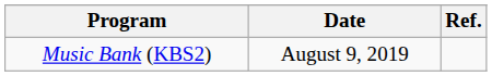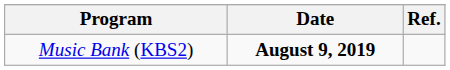 <table class="wikitable" style="text-align:center;">
 <tr>
 </tr>
 <tr>
 <th width="180">Program</th>
 <th width="140">Date</th>
 <th>Ref.</th>
 </tr>
 <tr>
 <td><em><a href='#'>Music Bank</a></em> (<a href='#'>KBS2</a>)</td>
-<td>August 9, 2019</td>
+<td><strong>August 9, 2019</strong></td>
 <td></td>
 </tr>
 </table>
